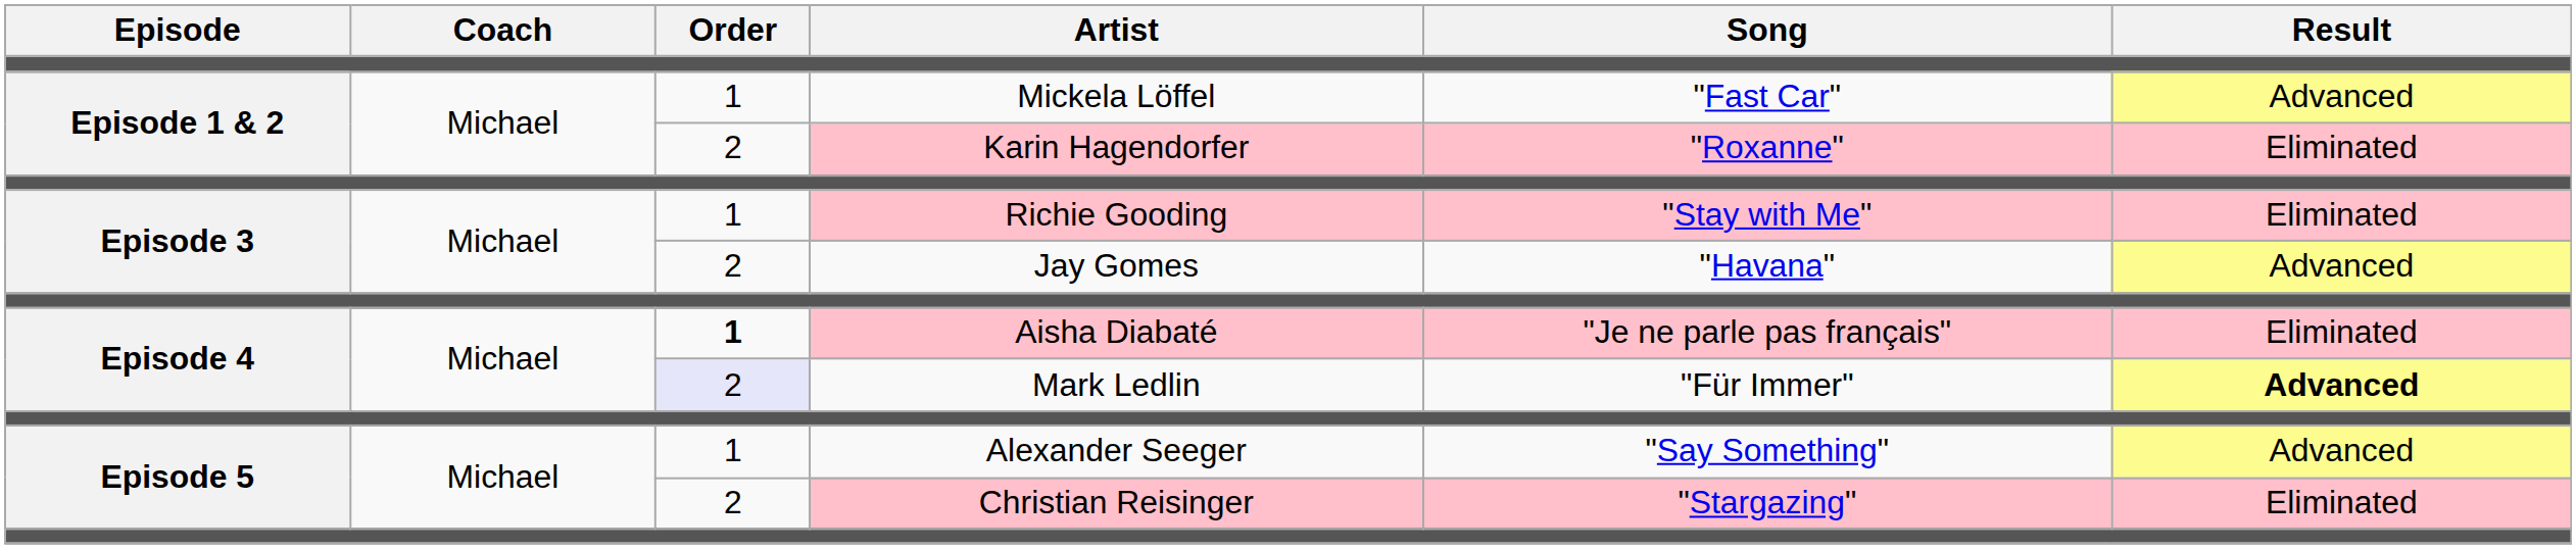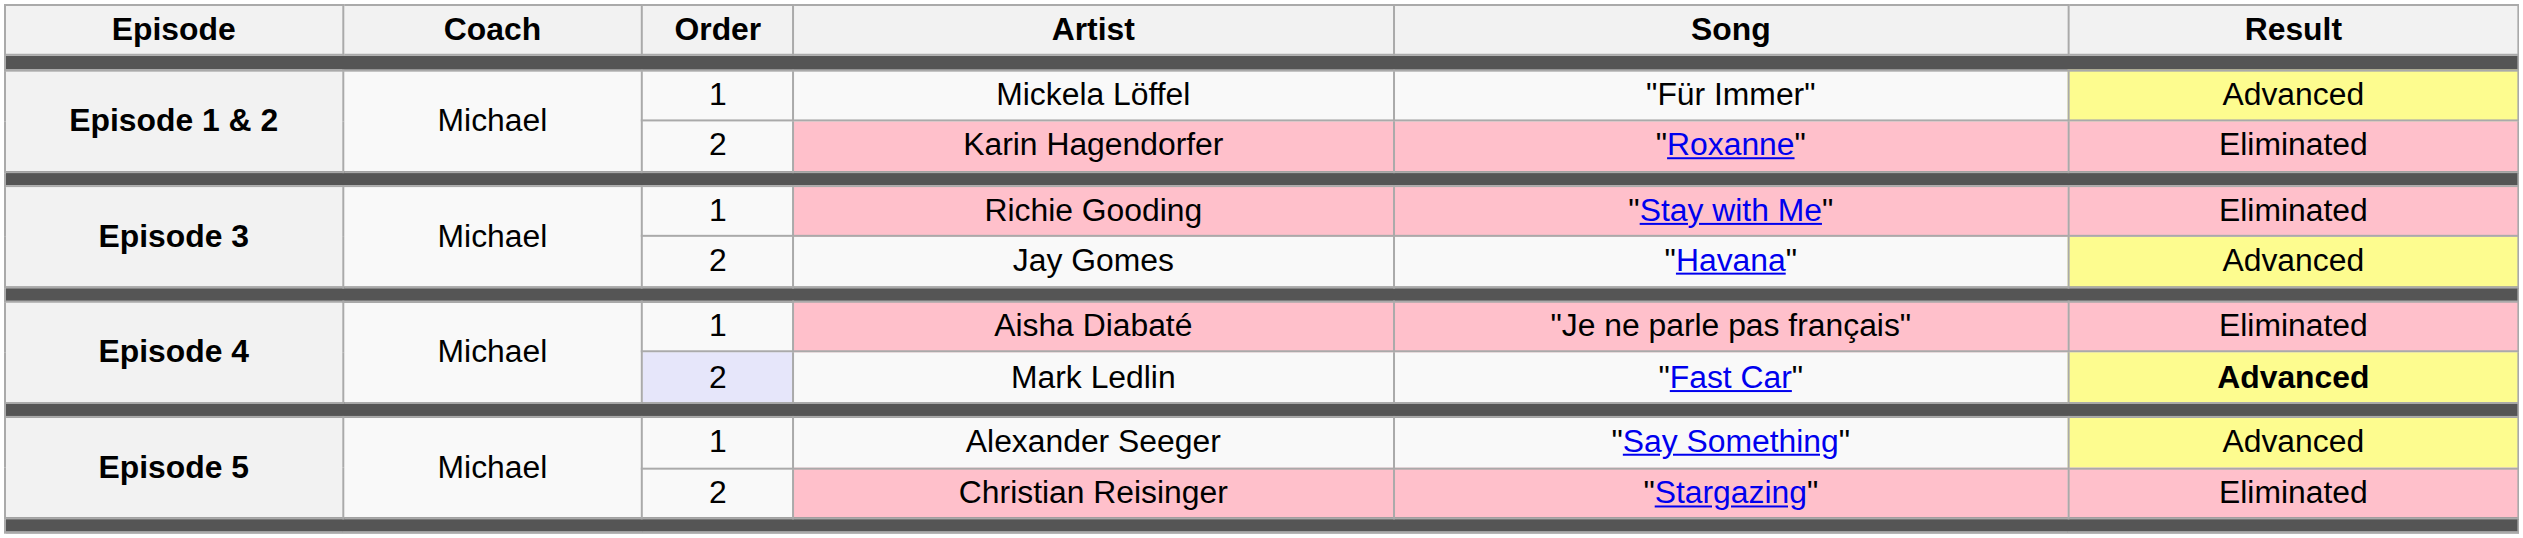 <table class="wikitable" style="text-align: center; width:100%;">
 <tr>
 <th scope="col" style="width:09%;">Episode</th>
 <th style="width:08%;">Coach</th>
 <th style="width:04%;">Order</th>
 <th style="width:16%;">Artist</th>
 <th style="width:18%;">Song</th>
 <th style="width:12%;">Result</th>
 </tr>
 <tr>
 <td colspan="6" style="background:#555;"></td>
 </tr>
 <tr>
 <th rowspan="2">Episode 1 & 2<br><small></small></th>
 <td rowspan="2" scope="row">Michael</td>
 <td>1</td>
 <td>Mickela Löffel</td>
-<td>"<a href='#'>Fast Car</a>"</td>
+<td>"Für Immer"</td>
 <td style="background:#fdfc8f;">Advanced</td>
 </tr>
 <tr>
 <td>2</td>
 <td style="background:pink;">Karin Hagendorfer</td>
 <td style="background:pink;">"<a href='#'>Roxanne</a>"</td>
 <td style="background:pink;">Eliminated</td>
 </tr>
 <tr>
 <td colspan="6" style="background:#555;"></td>
 </tr>
 <tr>
 <th rowspan="2">Episode 3<br><small></small></th>
 <td rowspan="2" scope="row" style="text-align:center;">Michael</td>
 <td>1</td>
 <td style="background:pink;">Richie Gooding</td>
 <td style="background:pink;">"<a href='#'>Stay with Me</a>"</td>
 <td style="background:pink;">Eliminated</td>
 </tr>
 <tr>
 <td>2</td>
 <td>Jay Gomes</td>
 <td>"<a href='#'>Havana</a>"</td>
 <td style="background:#fdfc8f;">Advanced</td>
 </tr>
 <tr>
 <td colspan="6" style="background:#555;"></td>
 </tr>
 <tr>
 <th rowspan="2">Episode 4<br><small></small></th>
 <td rowspan="2" scope="row" style="text-align:center;">Michael</td>
-<td><strong>1</strong></td>
+<td>1</td>
 <td style="background:pink;">Aisha Diabaté</td>
 <td style="background:pink;">"Je ne parle pas français"</td>
 <td style="background:pink;">Eliminated</td>
 </tr>
 <tr>
 <td style="background: lavender;">2</td>
 <td>Mark Ledlin</td>
-<td>"Für Immer"</td>
+<td>"<a href='#'>Fast Car</a>"</td>
 <td style="background:#fdfc8f;"><strong>Advanced</strong></td>
 </tr>
 <tr>
 <td colspan="6" style="background:#555;"></td>
 </tr>
 <tr>
 <th rowspan="2">Episode 5<br><small></small></th>
 <td rowspan="2" scope="row" style="text-align:center;">Michael</td>
 <td>1</td>
 <td>Alexander Seeger</td>
 <td>"<a href='#'>Say Something</a>"</td>
 <td style="background:#fdfc8f;">Advanced</td>
 </tr>
 <tr>
 <td>2</td>
 <td style="background:pink;">Christian Reisinger</td>
 <td style="background:pink;">"<a href='#'>Stargazing</a>"</td>
 <td style="background:pink;">Eliminated</td>
 </tr>
 <tr>
 <td colspan="6" style="background:#555;"></td>
 </tr>
 <tr>
 </tr>
 </table>
